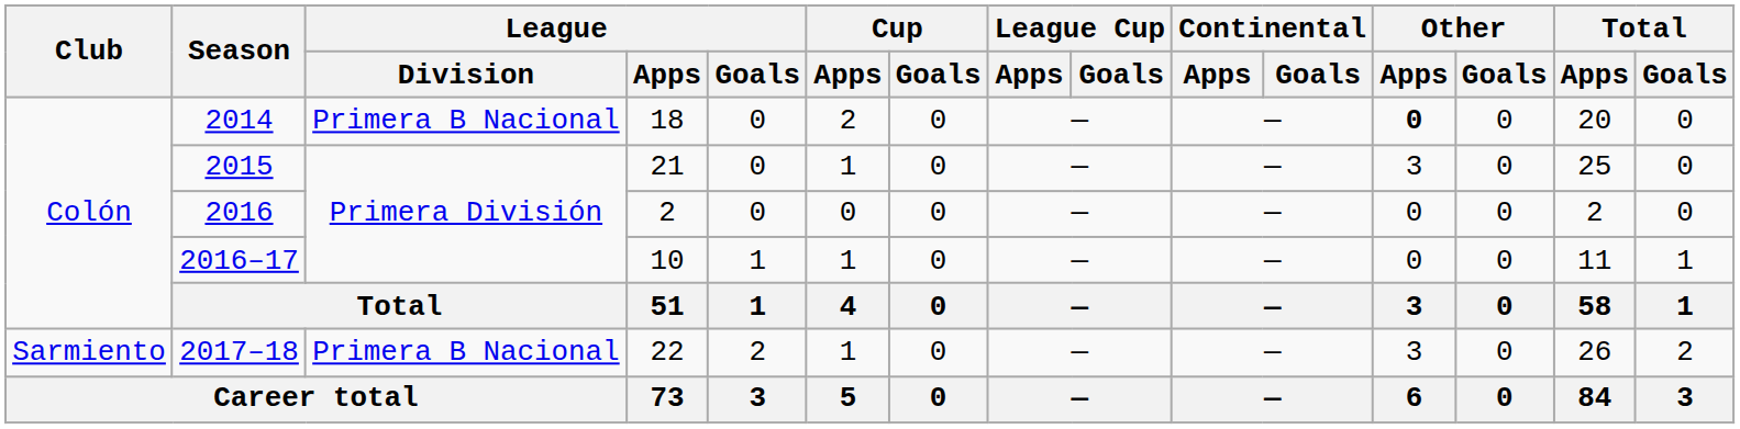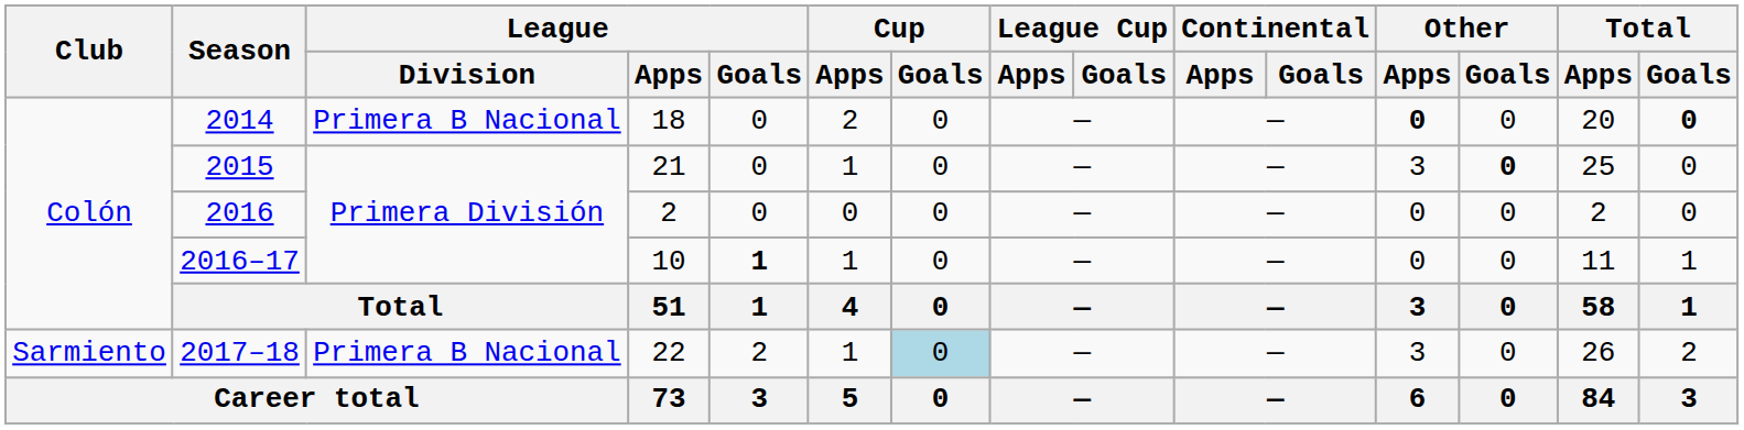 <table class="wikitable" style="text-align:center">
 <tr>
 <th rowspan="2">Club</th>
 <th rowspan="2">Season</th>
 <th colspan="3">League</th>
 <th colspan="2">Cup</th>
 <th colspan="2">League Cup</th>
 <th colspan="2">Continental</th>
 <th colspan="2">Other</th>
 <th colspan="2">Total</th>
 </tr>
 <tr>
 <th>Division</th>
 <th>Apps</th>
 <th>Goals</th>
 <th>Apps</th>
 <th>Goals</th>
 <th>Apps</th>
 <th>Goals</th>
 <th>Apps</th>
 <th>Goals</th>
 <th>Apps</th>
 <th>Goals</th>
 <th>Apps</th>
 <th>Goals</th>
 </tr>
 <tr>
 <td rowspan="5"><a href='#'>Colón</a></td>
 <td><a href='#'>2014</a></td>
 <td rowspan="1"><a href='#'>Primera B Nacional</a></td>
 <td>18</td>
 <td>0</td>
 <td>2</td>
 <td>0</td>
 <td colspan="2">—</td>
 <td colspan="2">—</td>
 <td><strong>0</strong></td>
 <td>0</td>
 <td>20</td>
-<td>0</td>
+<td><strong>0</strong></td>
 </tr>
 <tr>
 <td><a href='#'>2015</a></td>
 <td rowspan="3"><a href='#'>Primera División</a></td>
 <td>21</td>
 <td>0</td>
 <td>1</td>
 <td>0</td>
 <td colspan="2">—</td>
 <td colspan="2">—</td>
 <td>3</td>
-<td>0</td>
+<td><strong>0</strong></td>
 <td>25</td>
 <td>0</td>
 </tr>
 <tr>
 <td><a href='#'>2016</a></td>
 <td>2</td>
 <td>0</td>
 <td>0</td>
 <td>0</td>
 <td colspan="2">—</td>
 <td colspan="2">—</td>
 <td>0</td>
 <td>0</td>
 <td>2</td>
 <td>0</td>
 </tr>
 <tr>
 <td><a href='#'>2016–17</a></td>
 <td>10</td>
-<td>1</td>
+<td><strong>1</strong></td>
 <td>1</td>
 <td>0</td>
 <td colspan="2">—</td>
 <td colspan="2">—</td>
 <td>0</td>
 <td>0</td>
 <td>11</td>
 <td>1</td>
 </tr>
 <tr>
 <th colspan="2">Total</th>
 <th>51</th>
 <th>1</th>
 <th>4</th>
 <th>0</th>
 <th colspan="2">—</th>
 <th colspan="2">—</th>
 <th>3</th>
 <th>0</th>
 <th>58</th>
 <th>1</th>
 </tr>
 <tr>
 <td rowspan="1"><a href='#'>Sarmiento</a></td>
 <td><a href='#'>2017–18</a></td>
 <td rowspan="1"><a href='#'>Primera B Nacional</a></td>
 <td>22</td>
 <td>2</td>
 <td>1</td>
-<td>0</td>
+<td style="background: lightblue;">0</td>
 <td colspan="2">—</td>
 <td colspan="2">—</td>
 <td>3</td>
 <td>0</td>
 <td>26</td>
 <td>2</td>
 </tr>
 <tr>
 <th colspan="3">Career total</th>
 <th>73</th>
 <th>3</th>
 <th>5</th>
 <th>0</th>
 <th colspan="2">—</th>
 <th colspan="2">—</th>
 <th>6</th>
 <th>0</th>
 <th>84</th>
 <th>3</th>
 </tr>
 </table>
